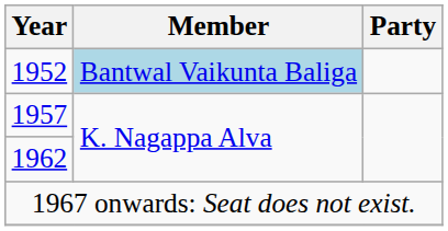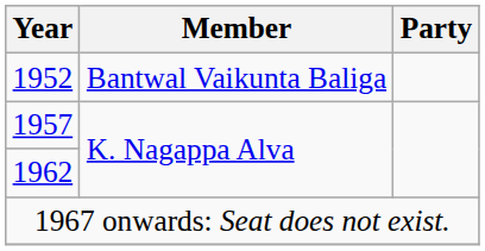 <table class="wikitable">
 <tr>
 <th>Year</th>
 <th>Member</th>
 <th colspan="2">Party</th>
 </tr>
 <tr>
 <td><a href='#'>1952</a></td>
-<td style="background: lightblue;"><a href='#'>Bantwal Vaikunta Baliga</a></td>
+<td><a href='#'>Bantwal Vaikunta Baliga</a></td>
 <td></td>
 </tr>
 <tr>
 <td><a href='#'>1957</a></td>
 <td rowspan="2"><a href='#'>K. Nagappa Alva</a></td>
 </tr>
 <tr>
 <td><a href='#'>1962</a></td>
 </tr>
 <tr>
 <td colspan=4 align=center>1967 onwards: <em>Seat does not exist.</em></td>
 </tr>
 <tr>
 </tr>
 </table>
